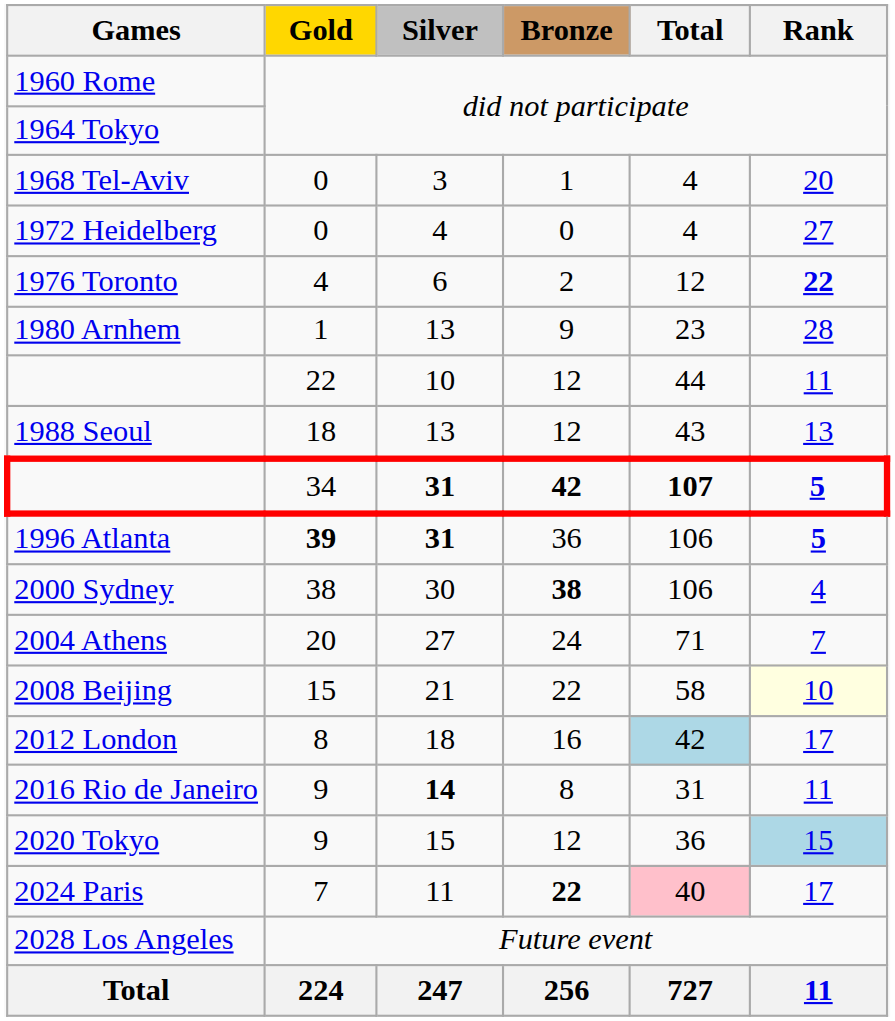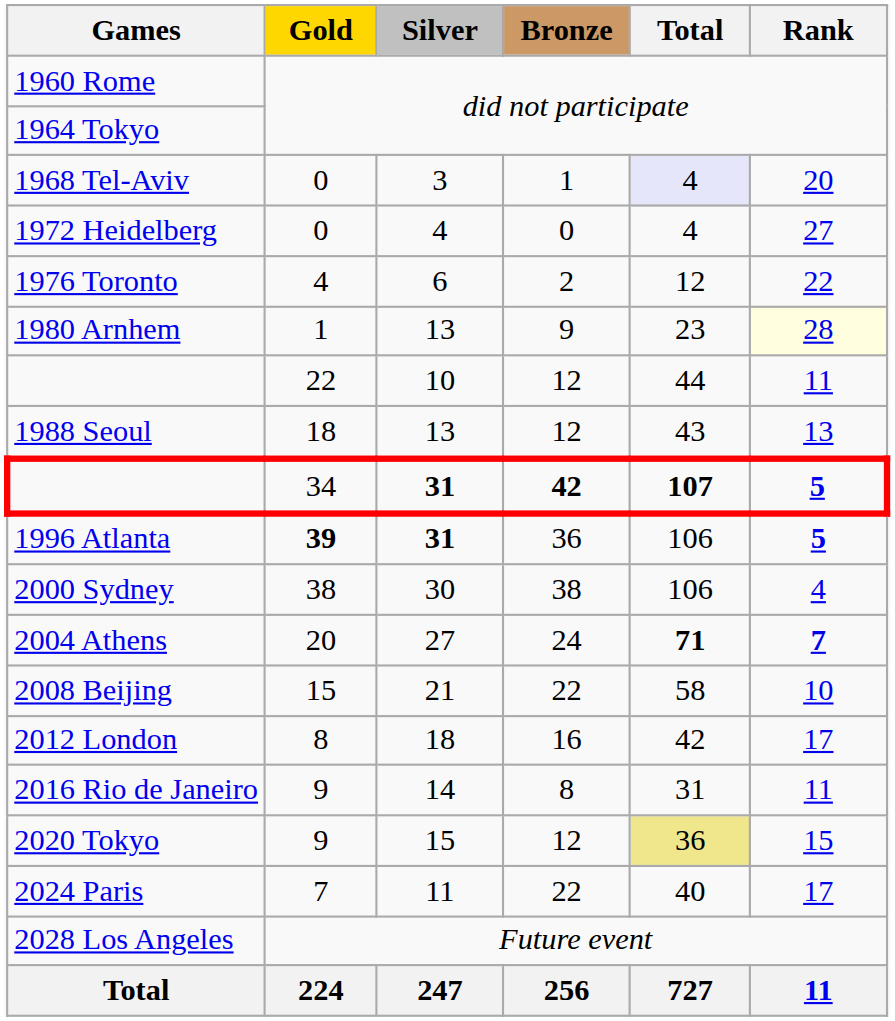 <table class="wikitable" style="text-align:center; font-size:90%;">
 <tr>
 <th>Games</th>
 <td style="background:gold; width:3.2em; font-weight:bold;">Gold</td>
 <td style="background:silver; width:3.7em; font-weight:bold;">Silver</td>
 <td style="background:#c96; width:3.7em; font-weight:bold;">Bronze</td>
 <th style="width:3.5em; font-weight:bold;">Total</th>
 <th style="width:4em; font-weight:bold;">Rank</th>
 </tr>
 <tr>
 <td align=left> <a href='#'>1960 Rome</a></td>
 <td colspan=5 rowspan=2><em>did not participate</em></td>
 </tr>
 <tr>
 <td align=left> <a href='#'>1964 Tokyo</a></td>
 </tr>
 <tr>
 <td align=left> <a href='#'>1968 Tel-Aviv</a></td>
 <td>0</td>
 <td>3</td>
 <td>1</td>
-<td>4</td>
+<td style="background: lavender;">4</td>
 <td><a href='#'>20</a></td>
 </tr>
 <tr>
 <td align=left> <a href='#'>1972 Heidelberg</a></td>
 <td>0</td>
 <td>4</td>
 <td>0</td>
 <td>4</td>
 <td><a href='#'>27</a></td>
 </tr>
 <tr>
 <td align=left> <a href='#'>1976 Toronto</a></td>
 <td>4</td>
 <td>6</td>
 <td>2</td>
 <td>12</td>
-<td><strong><a href='#'>22</a></strong></td>
+<td><a href='#'>22</a></td>
 </tr>
 <tr>
 <td align=left> <a href='#'>1980 Arnhem</a></td>
 <td>1</td>
 <td>13</td>
 <td>9</td>
 <td>23</td>
-<td><a href='#'>28</a></td>
+<td style="background: lightyellow;"><a href='#'>28</a></td>
 </tr>
 <tr>
 <td align=left> <br></td>
 <td>22</td>
 <td>10</td>
 <td>12</td>
 <td>44</td>
 <td><a href='#'>11</a></td>
 </tr>
 <tr>
 <td align=left> <a href='#'>1988 Seoul</a></td>
 <td>18</td>
 <td>13</td>
 <td>12</td>
 <td>43</td>
 <td><a href='#'>13</a></td>
 </tr>
 <tr style="border: 3px solid red">
 <td align=left></td>
 <td>34</td>
 <td><strong>31</strong></td>
 <td><strong>42</strong></td>
 <td><strong>107</strong></td>
 <td><a href='#'><strong>5</strong></a></td>
 </tr>
 <tr>
 <td align=left> <a href='#'>1996 Atlanta</a></td>
 <td><strong>39</strong></td>
 <td><strong>31</strong></td>
 <td>36</td>
 <td>106</td>
 <td><a href='#'><strong>5</strong></a></td>
 </tr>
 <tr>
 <td align=left> <a href='#'>2000 Sydney</a></td>
 <td>38</td>
 <td>30</td>
-<td><strong>38</strong></td>
+<td>38</td>
 <td>106</td>
 <td><a href='#'>4</a></td>
 </tr>
 <tr>
 <td align=left> <a href='#'>2004 Athens</a></td>
 <td>20</td>
 <td>27</td>
 <td>24</td>
-<td>71</td>
-<td><a href='#'>7</a></td>
+<td><strong>71</strong></td>
+<td><strong><a href='#'>7</a></strong></td>
 </tr>
 <tr>
 <td align=left> <a href='#'>2008 Beijing</a></td>
 <td>15</td>
 <td>21</td>
 <td>22</td>
 <td>58</td>
-<td style="background: lightyellow;"><a href='#'>10</a></td>
+<td><a href='#'>10</a></td>
 </tr>
 <tr>
 <td align=left> <a href='#'>2012 London</a></td>
 <td>8</td>
 <td>18</td>
 <td>16</td>
-<td style="background: lightblue;">42</td>
+<td>42</td>
 <td><a href='#'>17</a></td>
 </tr>
 <tr>
 <td align=left> <a href='#'>2016 Rio de Janeiro</a></td>
 <td>9</td>
-<td><strong>14</strong></td>
+<td>14</td>
 <td>8</td>
 <td>31</td>
 <td><a href='#'>11</a></td>
 </tr>
 <tr>
 <td align=left> <a href='#'>2020 Tokyo</a></td>
 <td>9</td>
 <td>15</td>
 <td>12</td>
-<td>36</td>
-<td style="background: lightblue;"><a href='#'>15</a></td>
+<td style="background: khaki;">36</td>
+<td><a href='#'>15</a></td>
 </tr>
 <tr>
 <td align=left> <a href='#'>2024 Paris</a></td>
 <td>7</td>
 <td>11</td>
-<td><strong>22</strong></td>
-<td style="background: pink;">40</td>
+<td>22</td>
+<td>40</td>
 <td><a href='#'>17</a></td>
 </tr>
 <tr>
 <td align=left> <a href='#'>2028 Los Angeles</a></td>
 <td colspan=5; rowspan=1><em>Future event</em></td>
 </tr>
 <tr>
 <th>Total</th>
 <th>224</th>
 <th>247</th>
 <th>256</th>
 <th>727</th>
 <th><a href='#'>11</a></th>
 </tr>
 </table>
